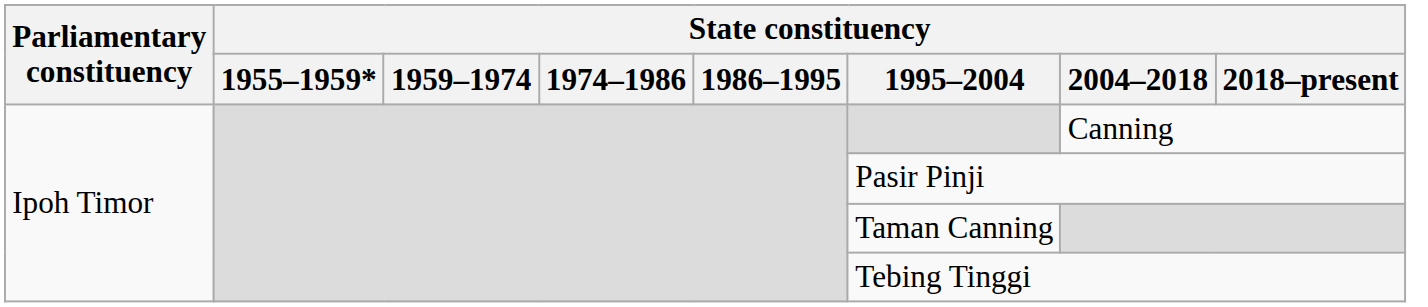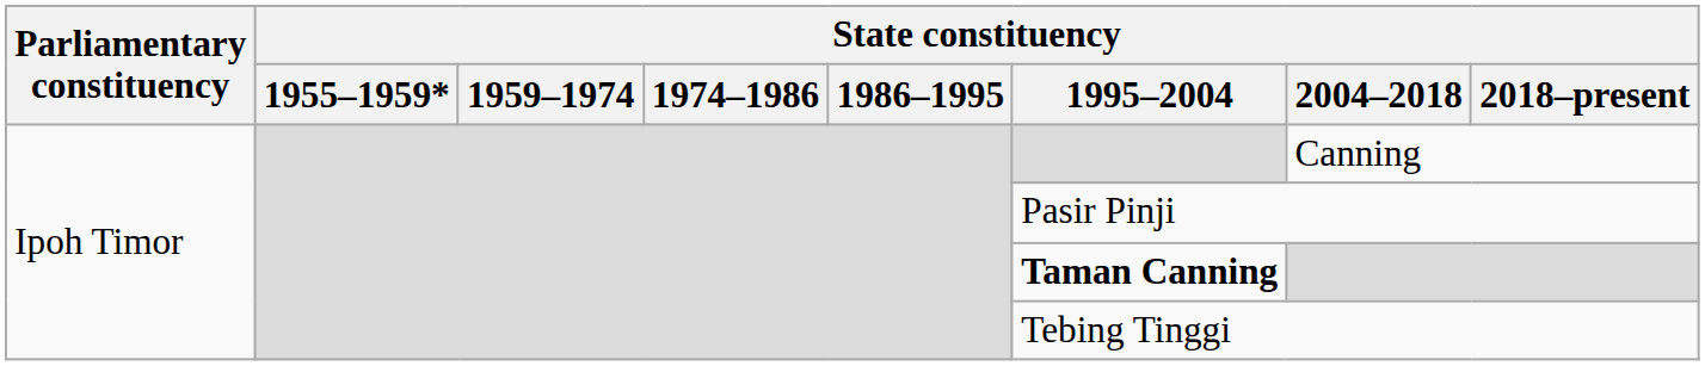 <table class="wikitable">
 <tr>
 <th rowspan="2">Parliamentary<br>constituency</th>
 <th colspan="7">State constituency</th>
 </tr>
 <tr>
 <th>1955–1959*</th>
 <th>1959–1974</th>
 <th>1974–1986</th>
 <th>1986–1995</th>
 <th>1995–2004</th>
 <th>2004–2018</th>
 <th>2018–present</th>
 </tr>
 <tr>
 <td rowspan="4">Ipoh Timor</td>
 <td colspan="4" rowspan="4" bgcolor="dcdcdc"></td>
 <td bgcolor="dcdcdc"></td>
 <td colspan="2">Canning</td>
 </tr>
 <tr>
 <td colspan="3">Pasir Pinji</td>
 </tr>
 <tr>
-<td>Taman Canning</td>
+<td><strong>Taman Canning</strong></td>
 <td colspan="2" bgcolor="dcdcdc"></td>
 </tr>
 <tr>
 <td colspan="3">Tebing Tinggi</td>
 </tr>
 </table>
